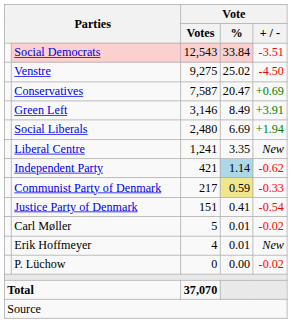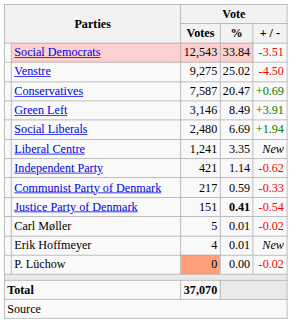 <table class="wikitable" style="text-align:right;">
 <tr>
 <th style="text-align:centre;" rowspan="2" colspan="2" width="225">Parties</th>
 <th colspan="3">Vote</th>
 </tr>
 <tr>
 <th width="15">Votes</th>
 <th width="15">%</th>
 <th width="15">+ / -</th>
 </tr>
 <tr>
 <td width="2" style="color:inherit;background:"></td>
 <td bgcolor=#fbd0ce  align="left"><a href='#'>Social Democrats</a></td>
 <td bgcolor=#fbd0ce>12,543</td>
 <td bgcolor=#fbd0ce>33.84</td>
 <td style=color:red;>-3.51</td>
 </tr>
 <tr>
 <td width="2" style="color:inherit;background:"></td>
 <td align="left"><a href='#'>Venstre</a></td>
 <td>9,275</td>
 <td>25.02</td>
 <td style=color:red;>-4.50</td>
 </tr>
 <tr>
 <td width="2" style="color:inherit;background:"></td>
 <td align="left"><a href='#'>Conservatives</a></td>
 <td>7,587</td>
 <td>20.47</td>
 <td style=color:green;>+0.69</td>
 </tr>
 <tr>
 <td width="2" style="color:inherit;background:"></td>
 <td align="left"><a href='#'>Green Left</a></td>
 <td>3,146</td>
 <td>8.49</td>
 <td style=color:green;>+3.91</td>
 </tr>
 <tr>
 <td width="2" style="color:inherit;background:"></td>
 <td align="left"><a href='#'>Social Liberals</a></td>
 <td>2,480</td>
 <td>6.69</td>
 <td style=color:green;>+1.94</td>
 </tr>
 <tr>
 <td width="2" style="color:inherit;background:"></td>
 <td align="left"><a href='#'>Liberal Centre</a></td>
 <td>1,241</td>
 <td>3.35</td>
 <td><em>New</em></td>
 </tr>
 <tr>
 <td width="2" style="color:inherit;background:"></td>
 <td align="left"><a href='#'>Independent Party</a></td>
 <td>421</td>
-<td style="background: lightblue;">1.14</td>
+<td>1.14</td>
 <td style=color:red;>-0.62</td>
 </tr>
 <tr>
 <td width="2" style="color:inherit;background:"></td>
 <td align="left"><a href='#'>Communist Party of Denmark</a></td>
 <td>217</td>
-<td style="background: khaki;">0.59</td>
+<td>0.59</td>
 <td style=color:red;>-0.33</td>
 </tr>
 <tr>
 <td width="2" style="color:inherit;background:"></td>
 <td align="left"><a href='#'>Justice Party of Denmark</a></td>
 <td>151</td>
-<td>0.41</td>
+<td><strong>0.41</strong></td>
 <td style=color:red;>-0.54</td>
 </tr>
 <tr>
 <td width="2" style="color:inherit;background:"></td>
 <td align="left">Carl Møller</td>
 <td>5</td>
 <td>0.01</td>
 <td style=color:red;>-0.02</td>
 </tr>
 <tr>
 <td width="2" style="color:inherit;background:"></td>
 <td align="left">Erik Hoffmeyer</td>
 <td>4</td>
 <td>0.01</td>
 <td><em>New</em></td>
 </tr>
 <tr>
 <td width="2" style="color:inherit;background:"></td>
 <td align="left">P. Lüchow</td>
-<td>0</td>
+<td style="background: lightsalmon;">0</td>
 <td>0.00</td>
 <td style=color:red;>-0.02</td>
 </tr>
 <tr>
 <td colspan="7" bgcolor="#E9E9E9"></td>
 </tr>
 <tr>
 <td align="left" colspan="2"><strong>Total</strong></td>
 <td><strong>37,070</strong></td>
 <td bgcolor="#E9E9E9" colspan="2"></td>
 </tr>
 <tr>
 <td align="left" colspan="6">Source</td>
 </tr>
 </table>
